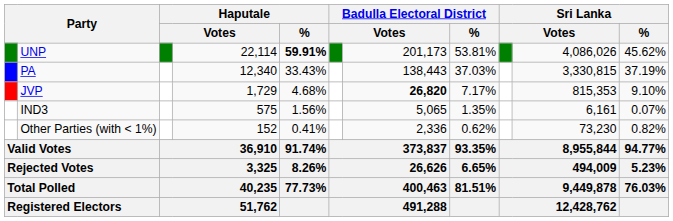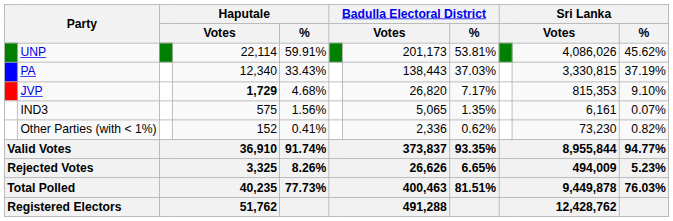 <table class="wikitable">
 <tr>
 <th colspan="2" width="144px"rowspan="2">Party</th>
 <th colspan="3" width="216px">Haputale</th>
 <th colspan="3" width="216px"><a href='#'>Badulla Electoral District</a></th>
 <th colspan="3" width="216px">Sri Lanka</th>
 </tr>
 <tr>
 <th colspan="2" width="144px">Votes</th>
 <th>%</th>
 <th colspan="2" width="144px">Votes</th>
 <th>%</th>
 <th colspan="2" width="144px">Votes</th>
 <th>%</th>
 </tr>
 <tr>
 <td style="background-color:green;" width="10px"></td>
 <td style="text-align:left;"><a href='#'>UNP</a></td>
 <td style="background-color:green;" width="10px"></td>
 <td style="text-align:right;">22,114</td>
-<td style="text-align:right;"><strong>59.91%</strong></td>
+<td style="text-align:right;">59.91%</td>
 <td style="background-color:green;" width="10px"></td>
 <td style="text-align:right;">201,173</td>
 <td style="text-align:right;">53.81%</td>
 <td style="background-color:green;" width="10px"></td>
 <td style="text-align:right;">4,086,026</td>
 <td style="text-align:right;">45.62%</td>
 </tr>
 <tr>
 <td style="background-color:blue;" width="10px"></td>
 <td style="text-align:left;"><a href='#'>PA</a></td>
 <td style="background-color:white;" width="10px"></td>
 <td style="text-align:right;">12,340</td>
 <td style="text-align:right;">33.43%</td>
 <td style="background-color:white;" width="10px"></td>
 <td style="text-align:right;">138,443</td>
 <td style="text-align:right;">37.03%</td>
 <td style="background-color:white;" width="10px"></td>
 <td style="text-align:right;">3,330,815</td>
 <td style="text-align:right;">37.19%</td>
 </tr>
 <tr>
 <td style="background-color:red;" width="10px"></td>
 <td style="text-align:left;"><a href='#'>JVP</a></td>
 <td style="background-color:white;" width="10px"></td>
-<td style="text-align:right;">1,729</td>
+<td style="text-align:right;"><strong>1,729</strong></td>
 <td style="text-align:right;">4.68%</td>
 <td style="background-color:white;" width="10px"></td>
-<td style="text-align:right;"><strong>26,820</strong></td>
+<td style="text-align:right;">26,820</td>
 <td style="text-align:right;">7.17%</td>
 <td style="background-color:white;" width="10px"></td>
 <td style="text-align:right;">815,353</td>
 <td style="text-align:right;">9.10%</td>
 </tr>
 <tr>
 <td style="background-color:white;" width="10px"></td>
 <td style="text-align:left;">IND3</td>
 <td style="background-color:white;" width="10px"></td>
 <td style="text-align:right;">575</td>
 <td style="text-align:right;">1.56%</td>
 <td style="background-color:white;" width="10px"></td>
 <td style="text-align:right;">5,065</td>
 <td style="text-align:right;">1.35%</td>
 <td style="background-color:white;" width="10px"></td>
 <td style="text-align:right;">6,161</td>
 <td style="text-align:right;">0.07%</td>
 </tr>
 <tr>
 <td style="background-color:white;" width="10px"></td>
 <td style="text-align:left;">Other Parties (with < 1%)</td>
 <td style="background-color:white;" width="10px"></td>
 <td style="text-align:right;">152</td>
 <td style="text-align:right;">0.41%</td>
 <td style="background-color:white;" width="10px"></td>
 <td style="text-align:right;">2,336</td>
 <td style="text-align:right;">0.62%</td>
 <td style="background-color:white;" width="10px"></td>
 <td style="text-align:right;">73,230</td>
 <td style="text-align:right;">0.82%</td>
 </tr>
 <tr>
 <th colspan="2" width="144px"style="text-align:left;">Valid Votes</th>
 <th style="text-align:right;"colspan="2" width="144px">36,910</th>
 <th style="text-align:right;">91.74%</th>
 <th style="text-align:right;"colspan="2" width="144px">373,837</th>
 <th style="text-align:right;">93.35%</th>
 <th style="text-align:right;"colspan="2" width="144px">8,955,844</th>
 <th style="text-align:right;">94.77%</th>
 </tr>
 <tr>
 <th colspan="2" width="144px"style="text-align:left;">Rejected Votes</th>
 <th style="text-align:right;"colspan="2" width="144px">3,325</th>
 <th style="text-align:right;">8.26%</th>
 <th style="text-align:right;"colspan="2" width="144px">26,626</th>
 <th style="text-align:right;">6.65%</th>
 <th style="text-align:right;"colspan="2" width="144px">494,009</th>
 <th style="text-align:right;">5.23%</th>
 </tr>
 <tr>
 <th colspan="2" width="144px"style="text-align:left;">Total Polled</th>
 <th style="text-align:right;"colspan="2" width="144px">40,235</th>
 <th style="text-align:right;">77.73%</th>
 <th style="text-align:right;"colspan="2" width="144px">400,463</th>
 <th style="text-align:right;">81.51%</th>
 <th style="text-align:right;"colspan="2" width="144px">9,449,878</th>
 <th style="text-align:right;">76.03%</th>
 </tr>
 <tr>
 <th colspan="2" width="144px"style="text-align:left;">Registered Electors</th>
 <th style="text-align:right;"colspan="2" width="144px">51,762</th>
 <th></th>
 <th style="text-align:right;"colspan="2" width="144px">491,288</th>
 <th></th>
 <th style="text-align:right;"colspan="2" width="144px">12,428,762</th>
 <th></th>
 </tr>
 </table>
